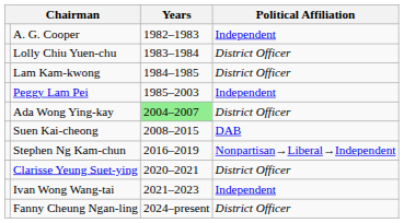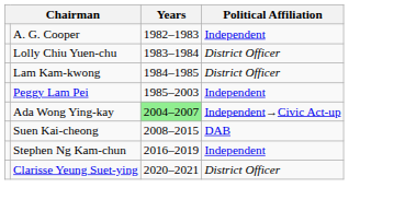 <table class="wikitable">
 <tr>
 <th colspan=2>Chairman</th>
 <th>Years</th>
 <th>Political Affiliation</th>
 </tr>
 <tr>
 <td style="color:inherit;background:"></td>
 <td>A. G. Cooper</td>
 <td>1982–1983</td>
 <td><a href='#'>Independent</a></td>
 </tr>
 <tr>
 <td style="color:inherit;background:"></td>
 <td>Lolly Chiu Yuen-chu</td>
 <td>1983–1984</td>
 <td><em>District Officer</em></td>
 </tr>
 <tr>
 <td style="color:inherit;background:"></td>
 <td>Lam Kam-kwong</td>
 <td>1984–1985</td>
 <td><em>District Officer</em></td>
 </tr>
 <tr>
 <td style="color:inherit;background:"></td>
 <td><a href='#'>Peggy Lam Pei</a></td>
 <td>1985–2003</td>
 <td><a href='#'>Independent</a></td>
 </tr>
 <tr>
 <td style="color:inherit;background:"></td>
 <td>Ada Wong Ying-kay</td>
 <td style="background: lightgreen;">2004–2007</td>
-<td><em>District Officer</em></td>
+<td><a href='#'>Independent</a>→<a href='#'>Civic Act-up</a></td>
 </tr>
 <tr>
 <td style="color:inherit;background:"></td>
 <td>Suen Kai-cheong</td>
 <td>2008–2015</td>
 <td><a href='#'>DAB</a></td>
 </tr>
 <tr>
 <td style="color:inherit;background: "></td>
 <td>Stephen Ng Kam-chun</td>
 <td>2016–2019</td>
-<td><a href='#'>Nonpartisan</a>→<a href='#'>Liberal</a>→<a href='#'>Independent</a></td>
+<td><a href='#'>Independent</a></td>
 </tr>
 <tr>
 <td style="color:inherit;background: "></td>
 <td><a href='#'>Clarisse Yeung Suet-ying</a></td>
 <td>2020–2021</td>
 <td><em>District Officer</em></td>
 </tr>
-<tr>
-<td style="color:inherit;background: "></td>
-<td>Ivan Wong Wang-tai</td>
-<td>2021–2023</td>
-<td><a href='#'>Independent</a></td>
-</tr>
-<tr>
-<td style="color:inherit;background: "></td>
-<td>Fanny Cheung Ngan-ling</td>
-<td>2024–present</td>
-<td><em>District Officer</em></td>
-</tr>
 </table>
